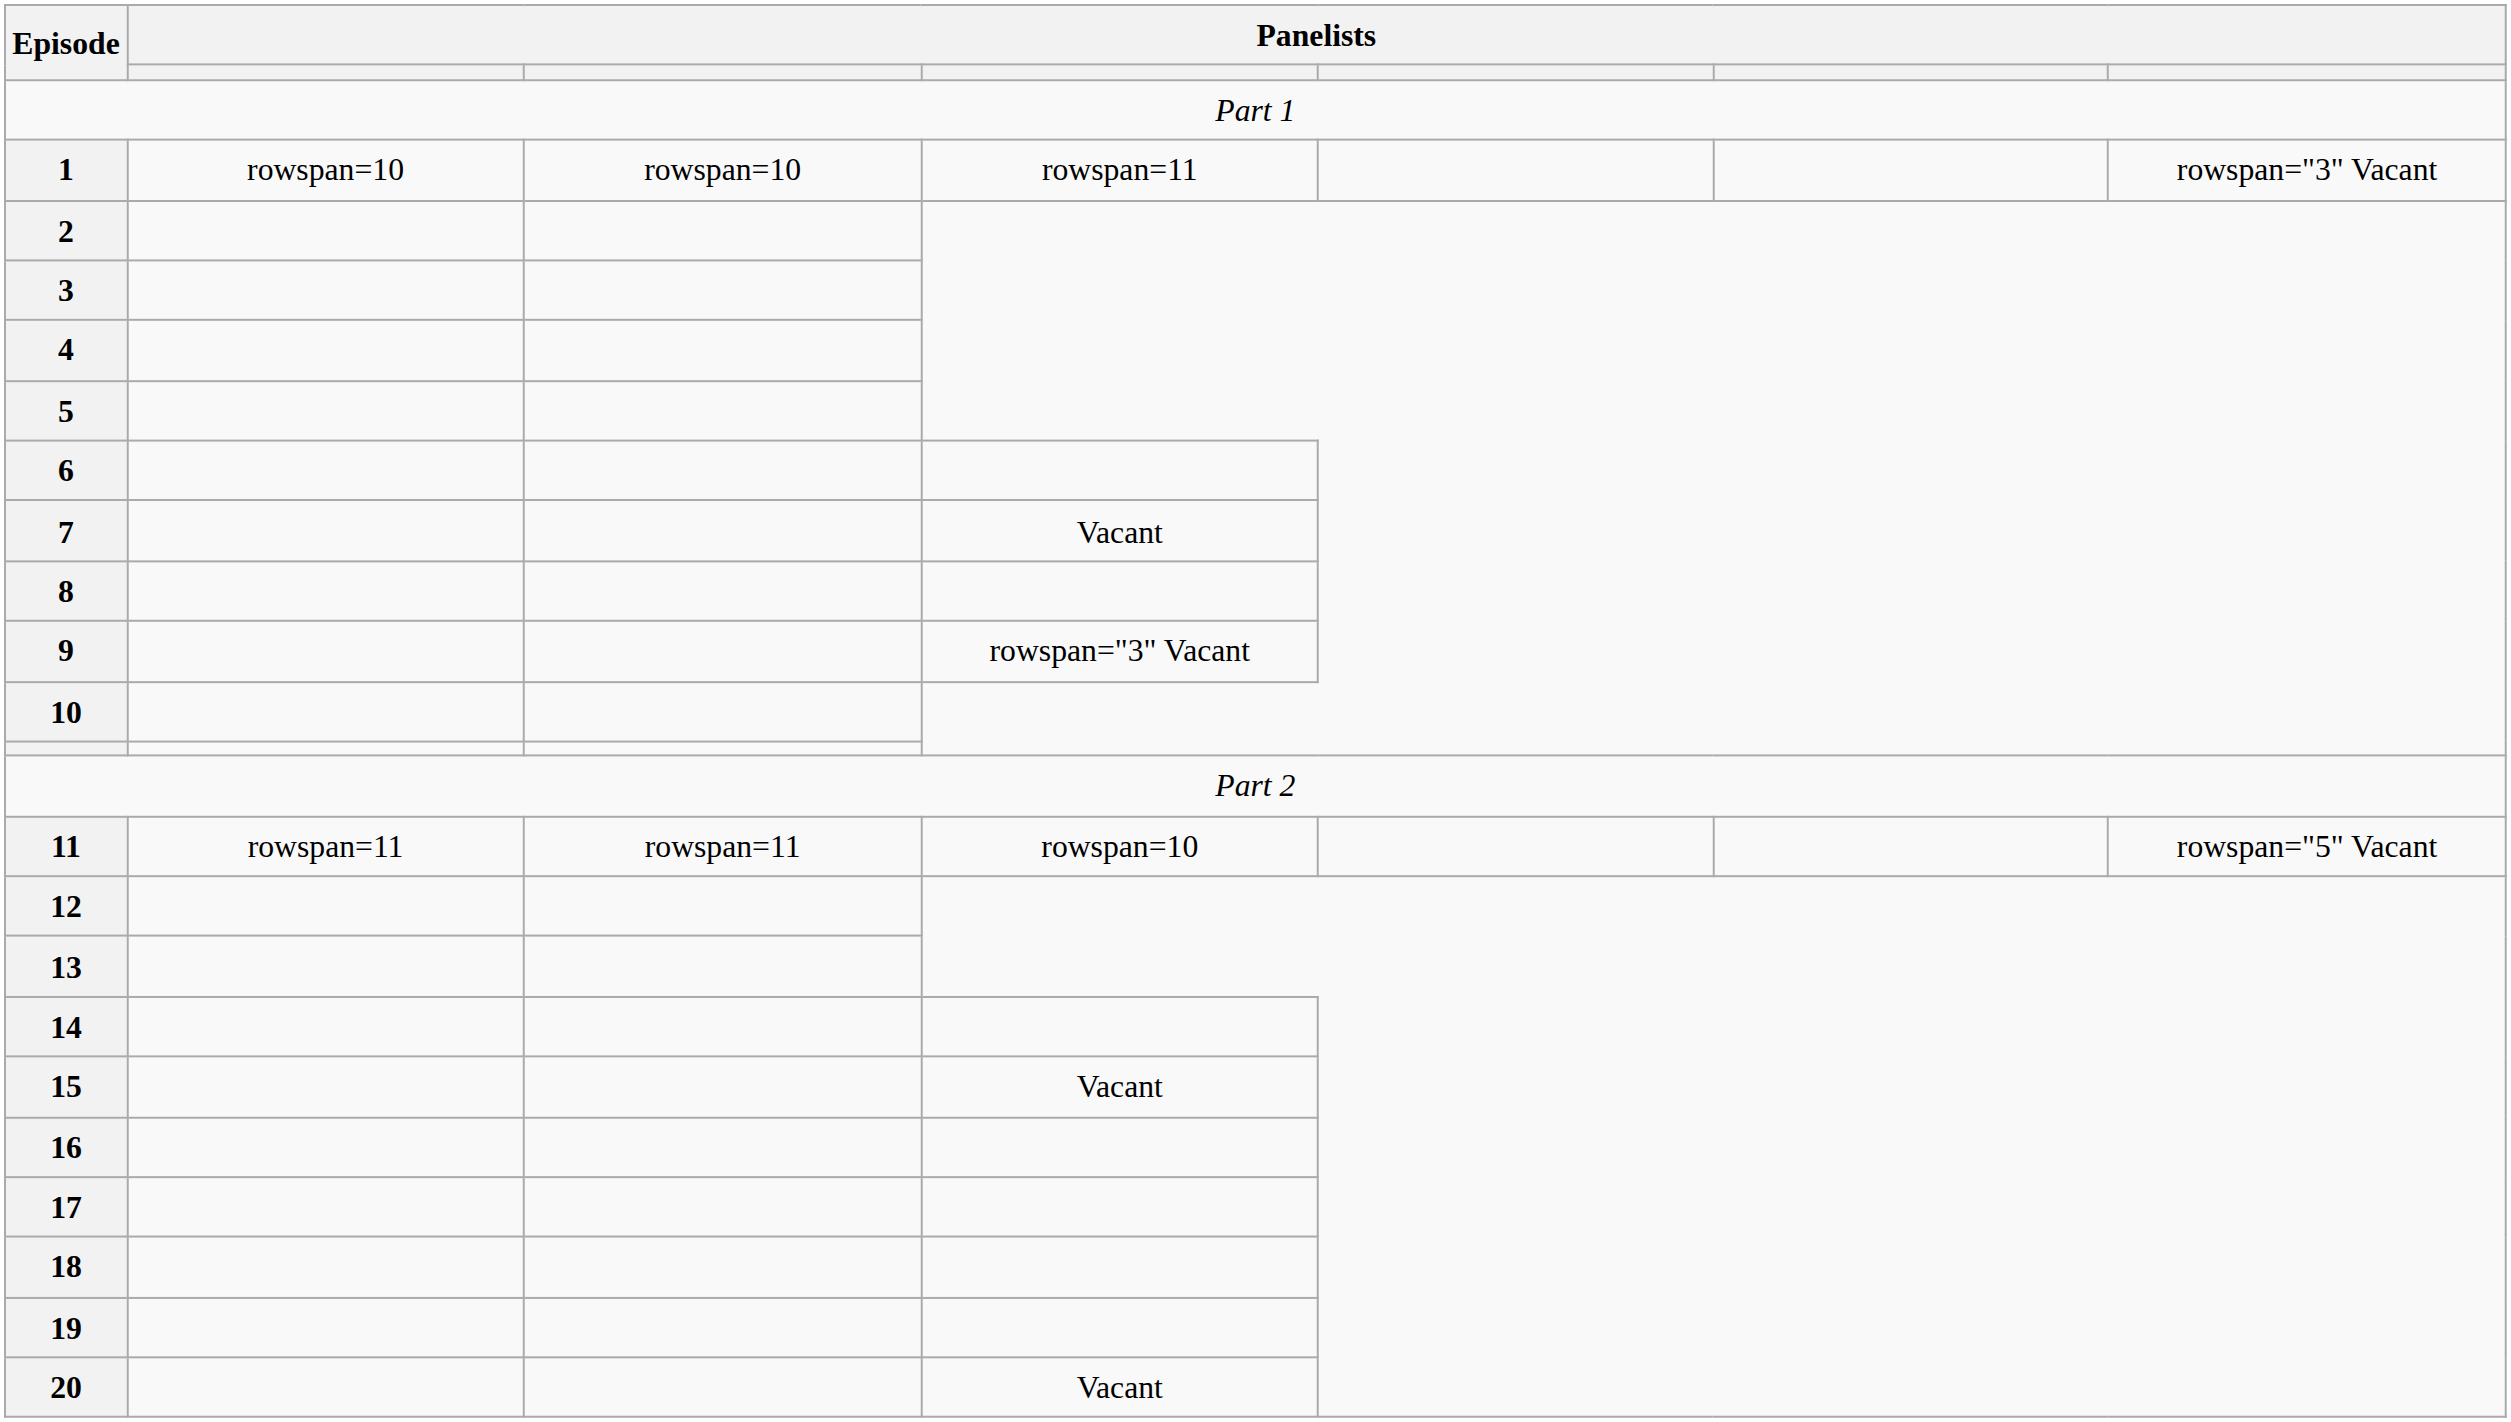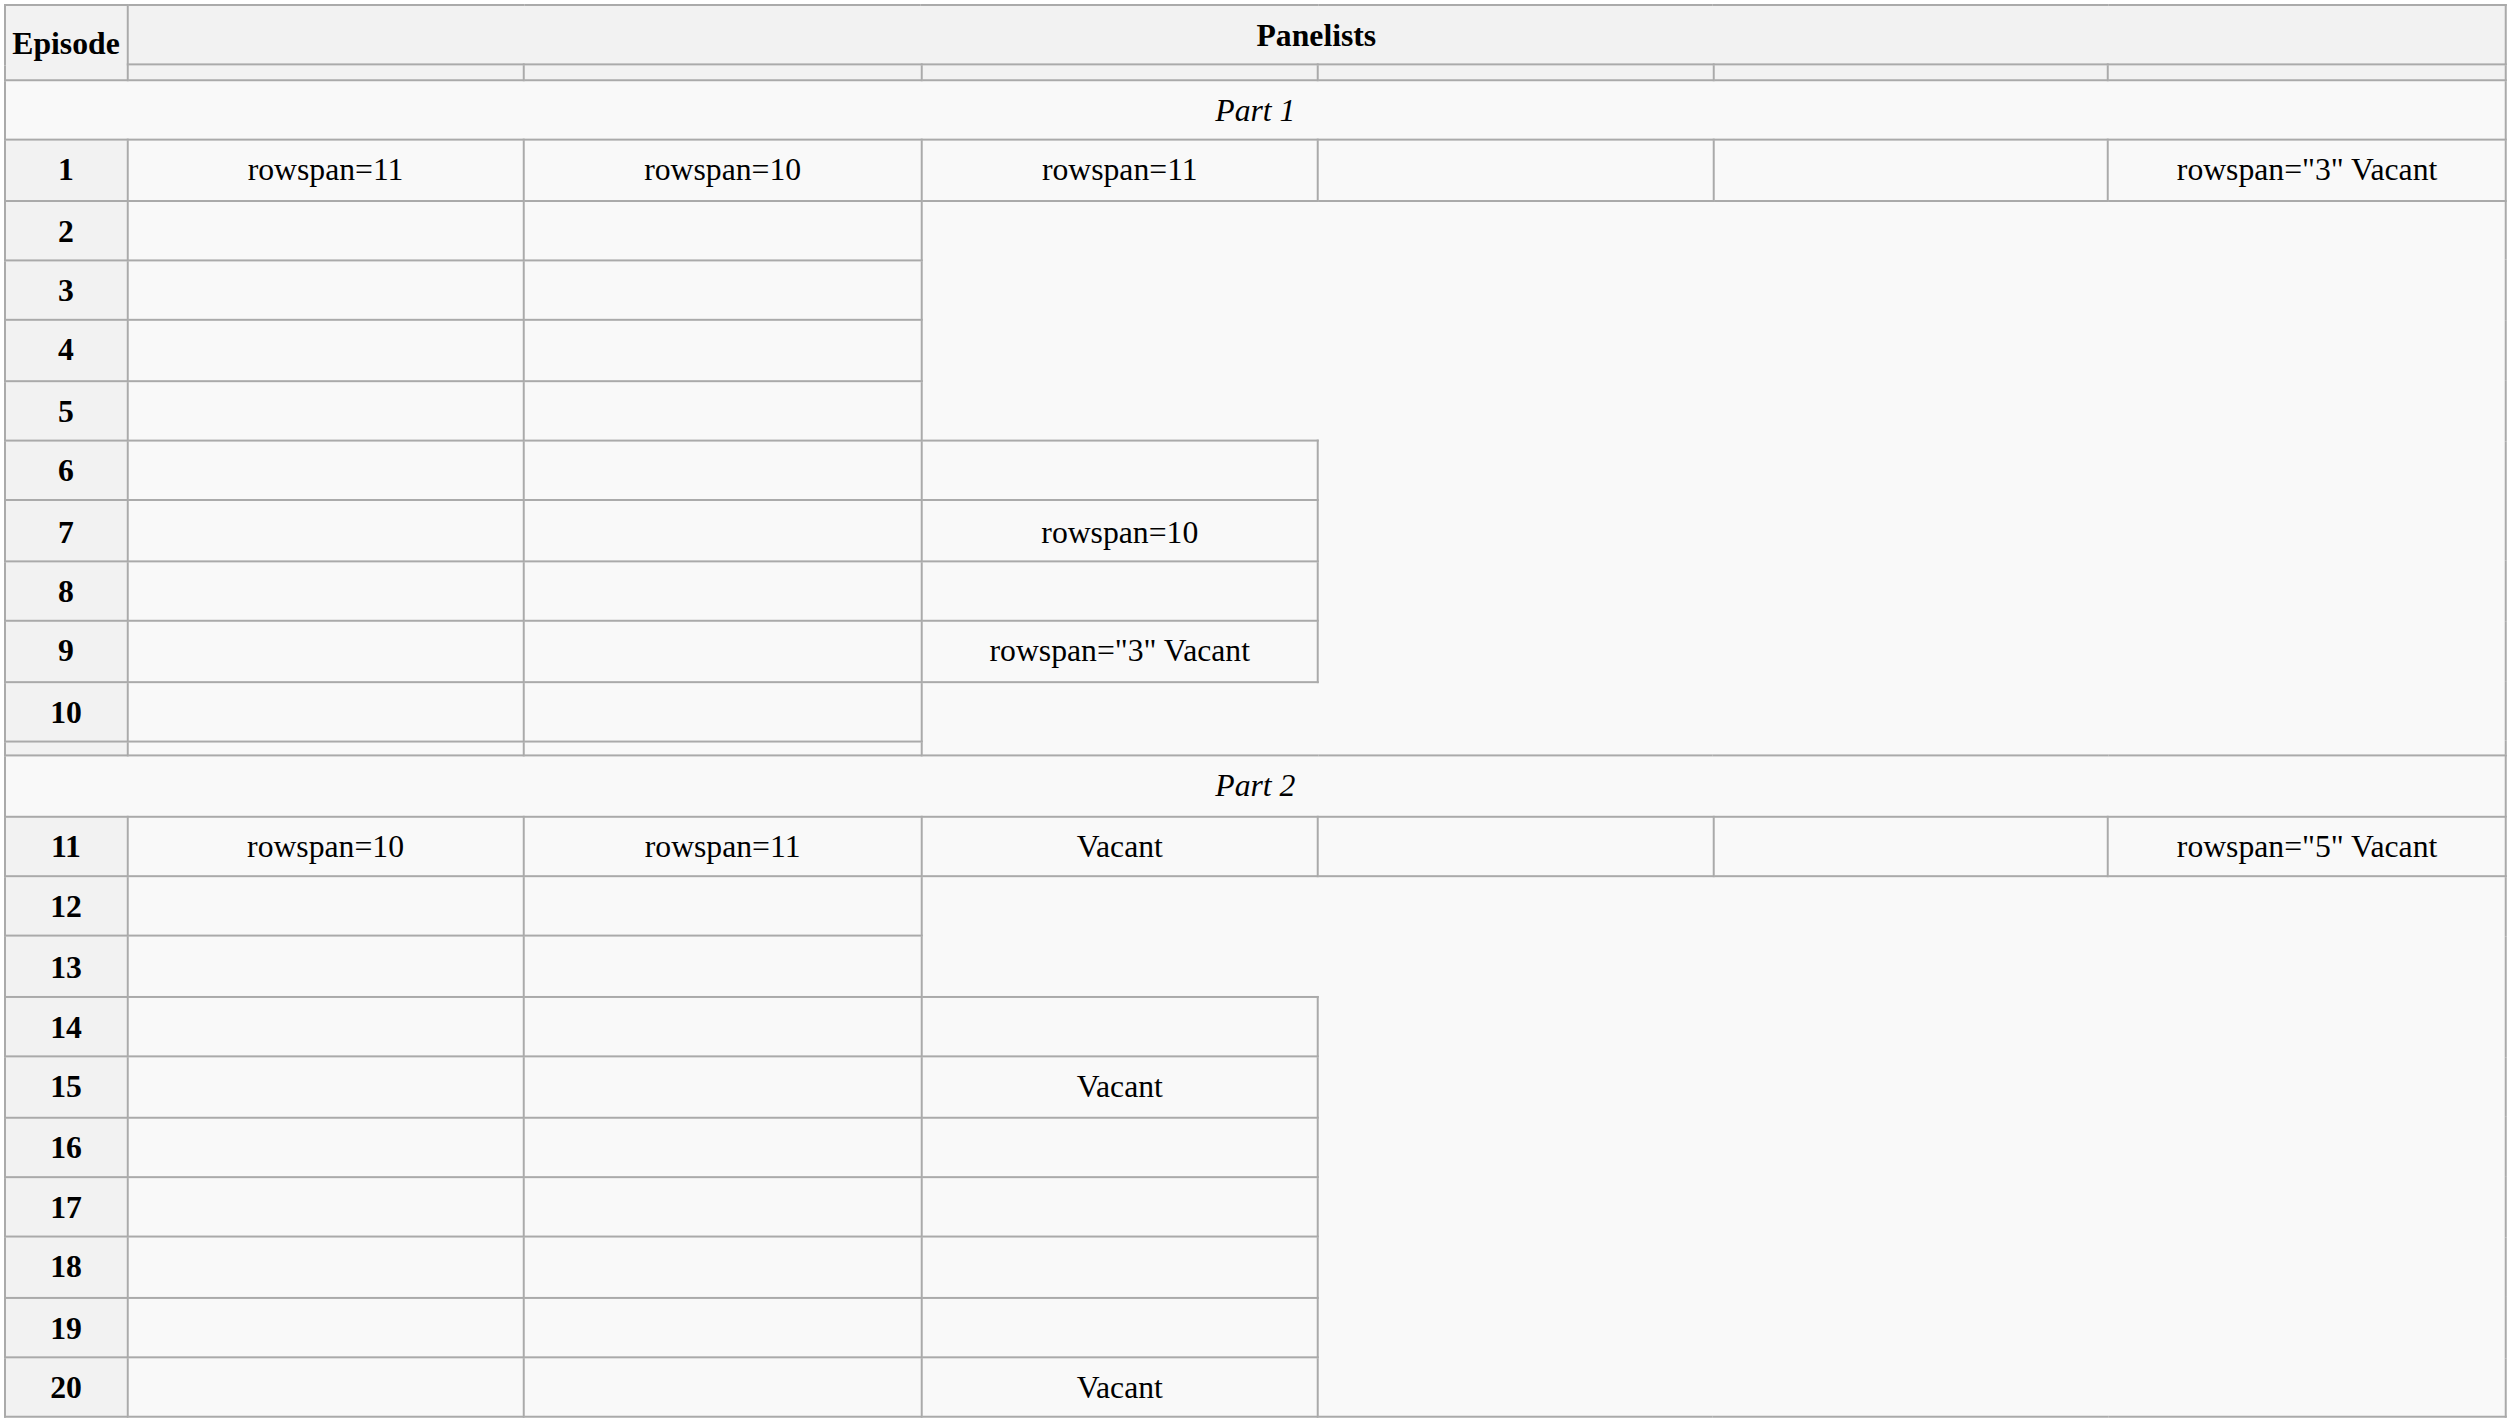 <table class="wikitable plainrowheaders mw-collapsible" style="text-align:center; line-height:23px; width:100%;">
 <tr>
 <th rowspan="2" width="1%">Episode</th>
 <th colspan="6">Panelists</th>
 </tr>
 <tr>
 <th width="16%"></th>
 <th width="16%"></th>
 <th width="16%"></th>
 <th width="16%"></th>
 <th width="16%"></th>
 <th width="16%"></th>
 </tr>
 <tr>
 <td colspan="7"><em>Part 1</em></td>
 </tr>
 <tr>
 <th>1</th>
-<td>rowspan=10 </td>
+<td>rowspan=11 </td>
 <td>rowspan=10 </td>
 <td>rowspan=11 </td>
 <td></td>
 <td></td>
 <td>rowspan="3" Vacant</td>
 </tr>
 <tr>
 <th>2</th>
 <td></td>
 <td></td>
 </tr>
 <tr>
 <th>3</th>
 <td></td>
 <td></td>
 </tr>
 <tr>
 <th>4</th>
 <td></td>
 <td></td>
 </tr>
 <tr>
 <th>5</th>
 <td></td>
 <td></td>
 </tr>
 <tr>
 <th>6</th>
 <td></td>
 <td></td>
 <td></td>
 </tr>
 <tr>
 <th>7</th>
 <td></td>
 <td></td>
-<td> Vacant</td>
+<td>rowspan=10 </td>
 </tr>
 <tr>
 <th>8</th>
 <td></td>
 <td></td>
 <td></td>
 </tr>
 <tr>
 <th>9</th>
 <td></td>
 <td></td>
 <td>rowspan="3" Vacant</td>
 </tr>
 <tr>
 <th>10</th>
 <td></td>
 <td></td>
 </tr>
 <tr>
 <th></th>
 <td></td>
 <td></td>
 </tr>
 <tr>
 <td colspan="7"><em>Part 2</em></td>
 </tr>
 <tr>
 <th>11</th>
+<td>rowspan=10 </td>
 <td>rowspan=11 </td>
-<td>rowspan=11 </td>
-<td>rowspan=10 </td>
+<td> Vacant</td>
 <td></td>
 <td></td>
 <td>rowspan="5" Vacant</td>
 </tr>
 <tr>
 <th>12</th>
 <td></td>
 <td></td>
 </tr>
 <tr>
 <th>13</th>
 <td></td>
 <td></td>
 </tr>
 <tr>
 <th>14</th>
 <td></td>
 <td></td>
 <td></td>
 </tr>
 <tr>
 <th>15</th>
 <td></td>
 <td></td>
 <td> Vacant</td>
 </tr>
 <tr>
 <th>16</th>
 <td></td>
 <td></td>
 <td></td>
 </tr>
 <tr>
 <th>17</th>
 <td></td>
 <td></td>
 <td></td>
 </tr>
 <tr>
 <th>18</th>
 <td></td>
 <td></td>
 <td></td>
 </tr>
 <tr>
 <th>19</th>
 <td></td>
 <td></td>
 <td></td>
 </tr>
 <tr>
 <th>20</th>
 <td></td>
 <td></td>
 <td> Vacant</td>
 </tr>
 </table>
